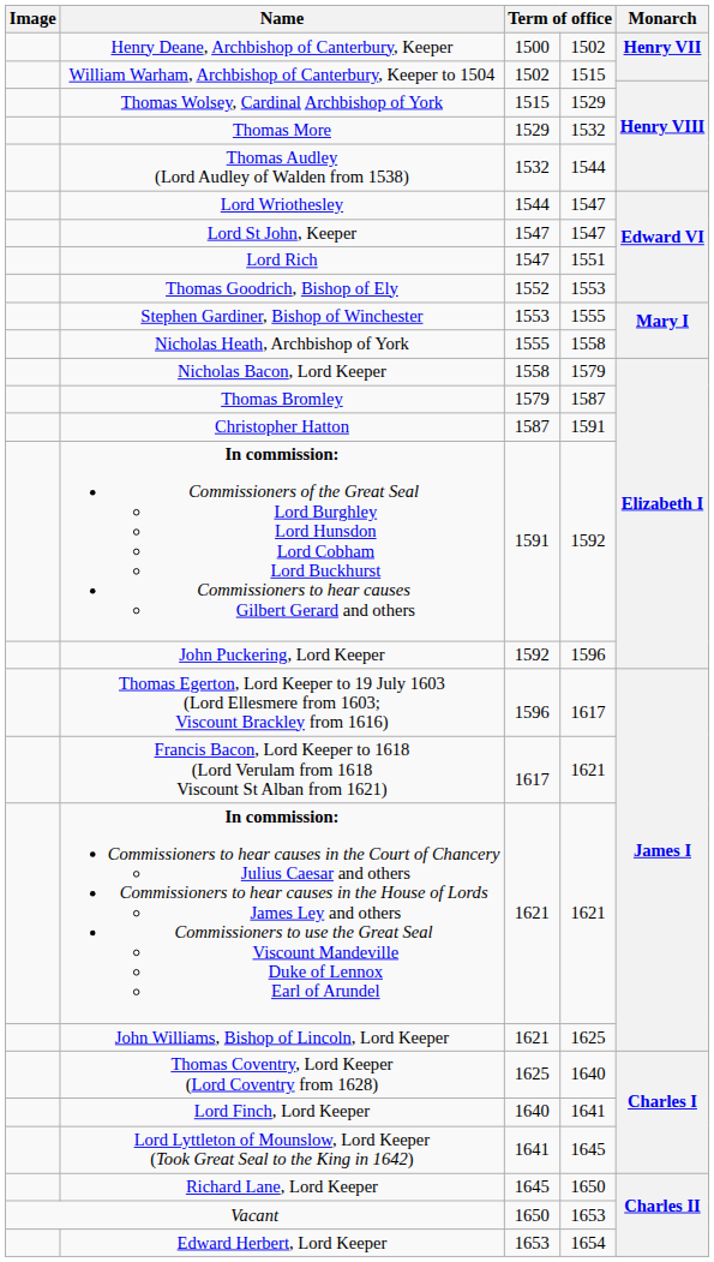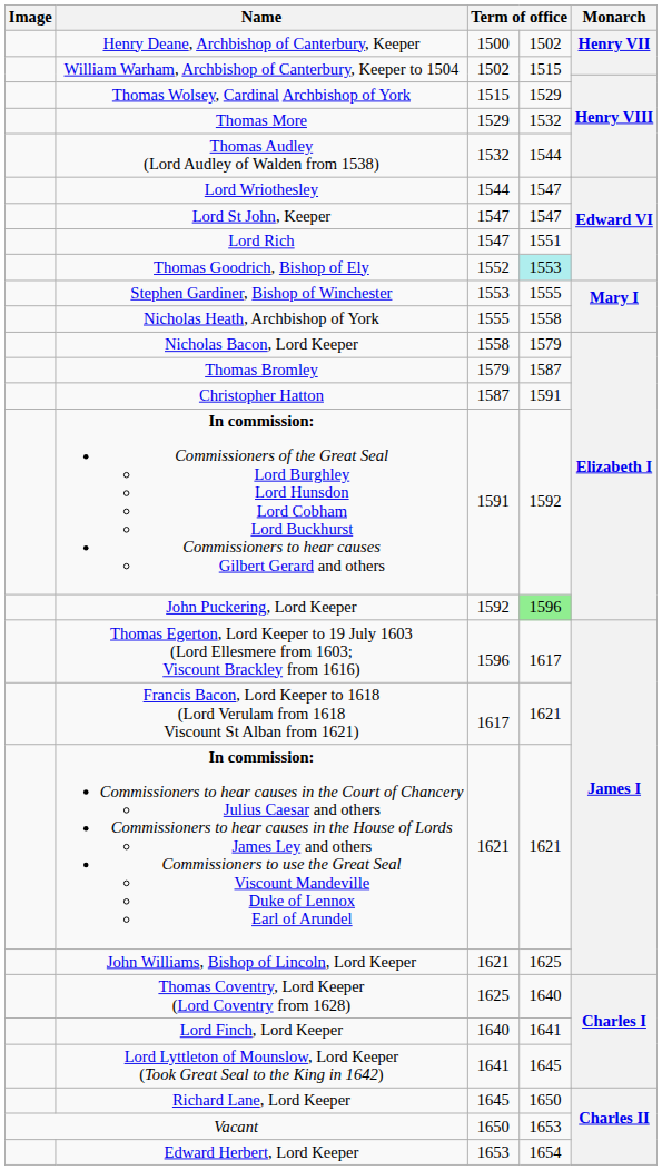 <table class="wikitable" style="text-align:Center">
 <tr>
 <th>Image</th>
 <th>Name</th>
 <th colspan=2>Term of office</th>
 <th>Monarch<br></th>
 </tr>
 <tr>
 <td></td>
 <td><a href='#'>Henry Deane</a>, <a href='#'>Archbishop of Canterbury</a>, Keeper</td>
 <td>1500</td>
 <td>1502</td>
 <th rowspan=2><a href='#'>Henry VII</a><br><br></th>
 </tr>
 <tr>
 <td rowspan=2></td>
 <td rowspan=2><a href='#'>William Warham</a>, <a href='#'>Archbishop of Canterbury</a>, Keeper to 1504</td>
 <td rowspan=2>1502</td>
 <td rowspan=2>1515</td>
 </tr>
 <tr>
 <th rowspan=5><a href='#'>Henry VIII</a><br><br></th>
 </tr>
 <tr>
 <td></td>
 <td><a href='#'>Thomas Wolsey</a>, <a href='#'>Cardinal</a> <a href='#'>Archbishop of York</a></td>
 <td>1515</td>
 <td>1529</td>
 </tr>
 <tr>
 <td></td>
 <td><a href='#'>Thomas More</a></td>
 <td>1529</td>
 <td>1532</td>
 </tr>
 <tr>
 <td></td>
 <td><a href='#'>Thomas Audley</a><br>(Lord Audley of Walden from 1538)</td>
 <td>1532</td>
 <td>1544</td>
 </tr>
 <tr>
 <td rowspan=2></td>
 <td rowspan=2><a href='#'>Lord Wriothesley</a></td>
 <td rowspan=2>1544</td>
 <td rowspan=2>1547</td>
 </tr>
 <tr>
 <th rowspan=4><a href='#'>Edward VI</a><br><br></th>
 </tr>
 <tr>
 <td></td>
 <td><a href='#'>Lord St John</a>, Keeper</td>
 <td>1547</td>
 <td>1547</td>
 </tr>
 <tr>
 <td></td>
 <td><a href='#'>Lord Rich</a></td>
 <td>1547</td>
 <td>1551</td>
 </tr>
 <tr>
 <td></td>
 <td><a href='#'>Thomas Goodrich</a>, <a href='#'>Bishop of Ely</a></td>
 <td>1552</td>
-<td>1553</td>
+<td style="background: paleturquoise;">1553</td>
 </tr>
 <tr>
 <td></td>
 <td><a href='#'>Stephen Gardiner</a>, <a href='#'>Bishop of Winchester</a></td>
 <td>1553</td>
 <td>1555</td>
 <th rowspan=2><a href='#'>Mary I</a><br><br></th>
 </tr>
 <tr>
 <td></td>
 <td><a href='#'>Nicholas Heath</a>, Archbishop of York</td>
 <td>1555</td>
 <td>1558</td>
 </tr>
 <tr>
 <td></td>
 <td><a href='#'>Nicholas Bacon</a>, Lord Keeper</td>
 <td>1558</td>
 <td>1579</td>
 <th rowspan=6><a href='#'>Elizabeth I</a><br><br></th>
 </tr>
 <tr>
 <td></td>
 <td><a href='#'>Thomas Bromley</a></td>
 <td>1579</td>
 <td>1587</td>
 </tr>
 <tr>
 <td></td>
 <td><a href='#'>Christopher Hatton</a></td>
 <td>1587</td>
 <td>1591</td>
 </tr>
 <tr>
 <td></td>
 <td><strong>In commission:</strong><br><ul><li><em>Commissioners of the Great Seal</em><ul><li><a href='#'>Lord Burghley</a></li><li><a href='#'>Lord Hunsdon</a></li><li><a href='#'>Lord Cobham</a></li><li><a href='#'>Lord Buckhurst</a></li></ul></li><li><em>Commissioners to hear causes</em><ul><li><a href='#'>Gilbert Gerard</a> and others</li></ul></li></ul></td>
 <td>1591</td>
 <td>1592</td>
 </tr>
 <tr>
 <td></td>
 <td><a href='#'>John Puckering</a>, Lord Keeper</td>
 <td>1592</td>
-<td>1596</td>
+<td style="background: lightgreen;">1596</td>
 </tr>
 <tr>
 <td rowspan=2></td>
 <td rowspan=2><a href='#'>Thomas Egerton</a>, Lord Keeper to 19 July 1603<br>(Lord Ellesmere from 1603;<br><a href='#'>Viscount Brackley</a> from 1616)</td>
 <td rowspan=2><br>1596</td>
 <td rowspan=2><br>1617</td>
 </tr>
 <tr>
 <th rowspan=4><a href='#'>James I</a><br><br></th>
 </tr>
 <tr>
 <td></td>
 <td><a href='#'>Francis Bacon</a>, Lord Keeper to 1618<br>(Lord Verulam from 1618<br>Viscount St Alban from 1621)</td>
 <td><br>1617</td>
 <td>1621</td>
 </tr>
 <tr>
 <td></td>
 <td><strong>In commission:</strong><br><ul><li><em>Commissioners to hear causes in the Court of Chancery</em><ul><li><a href='#'>Julius Caesar</a> and others</li></ul></li><li><em>Commissioners to hear causes in the House of Lords</em><ul><li><a href='#'>James Ley</a> and others</li></ul></li><li><em>Commissioners to use the Great Seal</em><ul><li><a href='#'>Viscount Mandeville</a></li><li><a href='#'>Duke of Lennox</a></li><li><a href='#'>Earl of Arundel</a></li></ul></li></ul></td>
 <td>1621</td>
 <td>1621</td>
 </tr>
 <tr>
 <td></td>
 <td><a href='#'>John Williams</a>, <a href='#'>Bishop of Lincoln</a>, Lord Keeper</td>
 <td>1621</td>
 <td>1625</td>
 </tr>
 <tr>
 <td></td>
 <td><a href='#'>Thomas Coventry</a>, Lord Keeper<br>(<a href='#'>Lord Coventry</a> from 1628)</td>
 <td>1625</td>
 <td>1640</td>
 <th rowspan=4><a href='#'>Charles I</a><br><br></th>
 </tr>
 <tr>
 <td></td>
 <td><a href='#'>Lord Finch</a>, Lord Keeper</td>
 <td>1640</td>
 <td>1641</td>
 </tr>
 <tr>
 <td></td>
 <td><a href='#'>Lord Lyttleton of Mounslow</a>, Lord Keeper<br>(<em>Took Great Seal to the King in 1642</em>)</td>
 <td>1641</td>
 <td>1645</td>
 </tr>
 <tr>
 <td rowspan=2></td>
 <td rowspan=2><a href='#'>Richard Lane</a>, Lord Keeper</td>
 <td rowspan=2>1645</td>
 <td rowspan=2>1650</td>
 </tr>
 <tr>
 <th rowspan=3><a href='#'>Charles II</a><br><br></th>
 </tr>
 <tr>
 <td colspan=2><em>Vacant</em></td>
 <td>1650</td>
 <td>1653</td>
 </tr>
 <tr>
 <td></td>
 <td><a href='#'>Edward Herbert</a>, Lord Keeper</td>
 <td>1653</td>
 <td>1654</td>
 </tr>
 </table>
